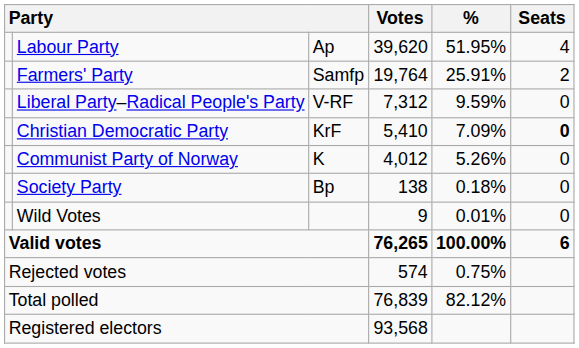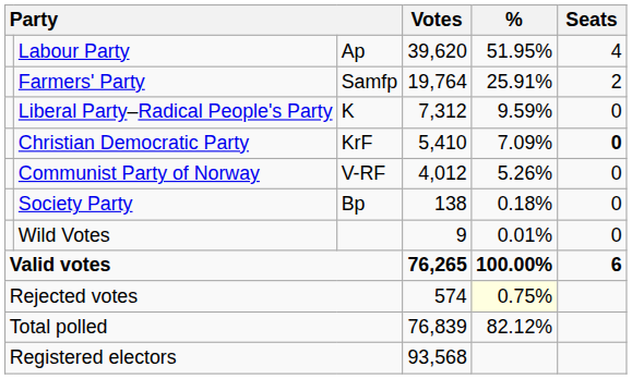 <table class="wikitable" border="1" style="text-align:right;">
 <tr>
 <th style="text-align:left;" colspan=3>Party</th>
 <th align=center width="50">Votes</th>
 <th align=center width="50">%</th>
 <th align=center width="50">Seats</th>
 </tr>
 <tr>
 <td style="color:inherit;background:"></td>
 <td align=left><a href='#'>Labour Party</a></td>
 <td align=left>Ap</td>
 <td>39,620</td>
 <td>51.95%</td>
 <td>4</td>
 </tr>
 <tr>
 <td style="color:inherit;background:"></td>
 <td align=left><a href='#'>Farmers' Party</a></td>
 <td align=left>Samfp</td>
 <td>19,764</td>
 <td>25.91%</td>
 <td>2</td>
 </tr>
 <tr>
 <td></td>
 <td align=left><a href='#'>Liberal Party</a>–<a href='#'>Radical People's Party</a></td>
-<td align=left>V-RF</td>
+<td align=left>K</td>
 <td>7,312</td>
 <td>9.59%</td>
 <td>0</td>
 </tr>
 <tr>
 <td style="color:inherit;background:"></td>
 <td align=left><a href='#'>Christian Democratic Party</a></td>
 <td align=left>KrF</td>
 <td>5,410</td>
 <td>7.09%</td>
 <td><strong>0</strong></td>
 </tr>
 <tr>
 <td style="color:inherit;background:"></td>
 <td align=left><a href='#'>Communist Party of Norway</a></td>
-<td align=left>K</td>
+<td align=left>V-RF</td>
 <td>4,012</td>
 <td>5.26%</td>
 <td>0</td>
 </tr>
 <tr>
 <td></td>
 <td align=left><a href='#'>Society Party</a></td>
 <td align=left>Bp</td>
 <td>138</td>
 <td>0.18%</td>
 <td>0</td>
 </tr>
 <tr>
 <td></td>
 <td align=left>Wild Votes</td>
 <td align=left></td>
 <td>9</td>
 <td>0.01%</td>
 <td>0</td>
 </tr>
 <tr style="font-weight:bold">
 <td align=left colspan=3>Valid votes</td>
 <td>76,265</td>
 <td>100.00%</td>
 <td>6</td>
 </tr>
 <tr>
 <td align=left colspan=3>Rejected votes</td>
 <td>574</td>
-<td>0.75%</td>
+<td style="background: lightyellow;">0.75%</td>
 <td></td>
 </tr>
 <tr>
 <td align=left colspan=3>Total polled</td>
 <td>76,839</td>
 <td>82.12%</td>
 <td></td>
 </tr>
 <tr>
 <td align=left colspan=3>Registered electors</td>
 <td>93,568</td>
 <td></td>
 <td></td>
 </tr>
 </table>
